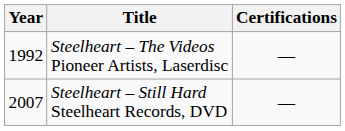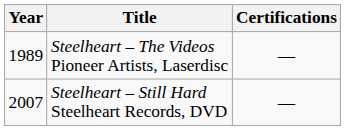 <table class="wikitable">
 <tr>
 <th>Year</th>
 <th>Title</th>
 <th>Certifications</th>
 </tr>
 <tr>
-<td>1992</td>
+<td>1989</td>
 <td><em>Steelheart – The Videos</em><br>Pioneer Artists, Laserdisc</td>
 <td style="text-align:center;">—</td>
 </tr>
 <tr>
 <td>2007</td>
 <td><em>Steelheart – Still Hard</em><br>Steelheart Records, DVD</td>
 <td style="text-align:center;">—</td>
 </tr>
 </table>
